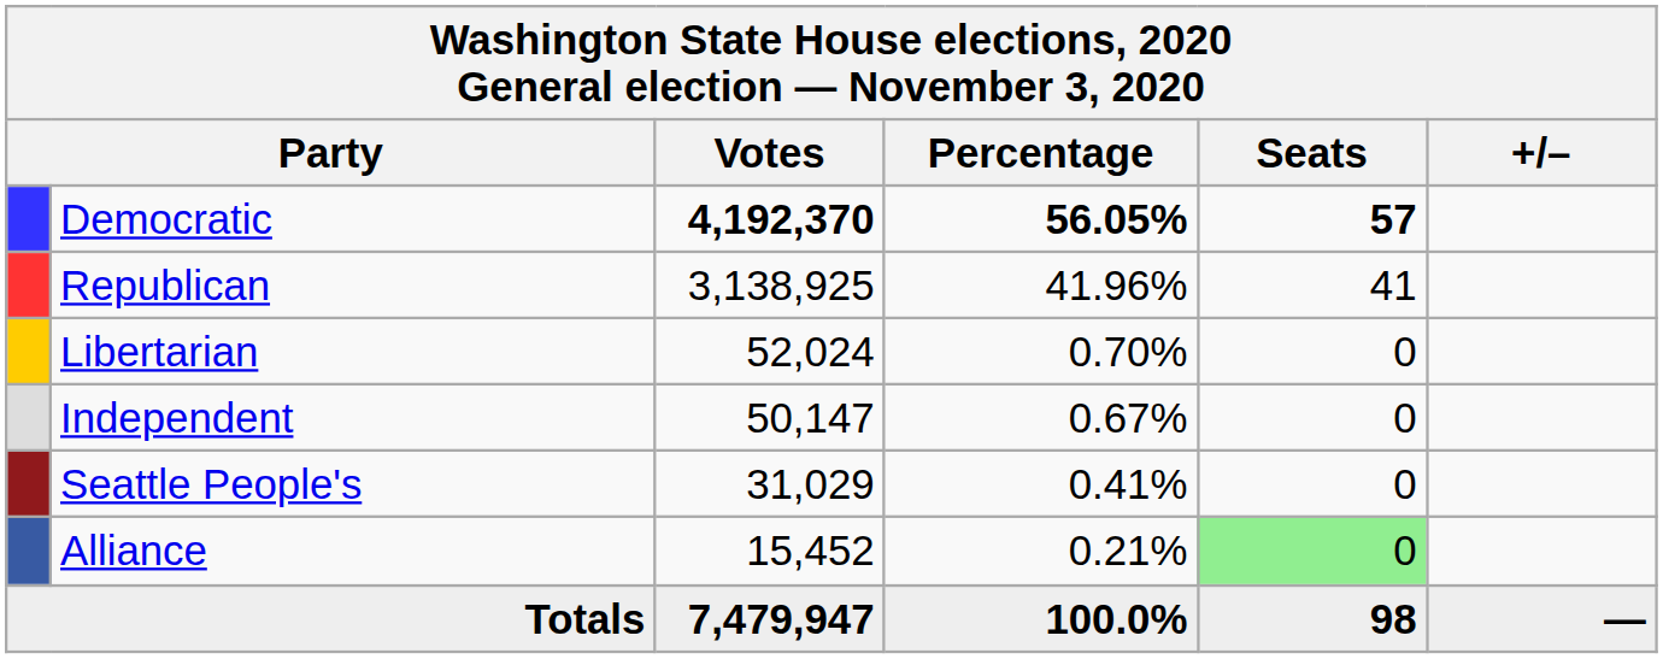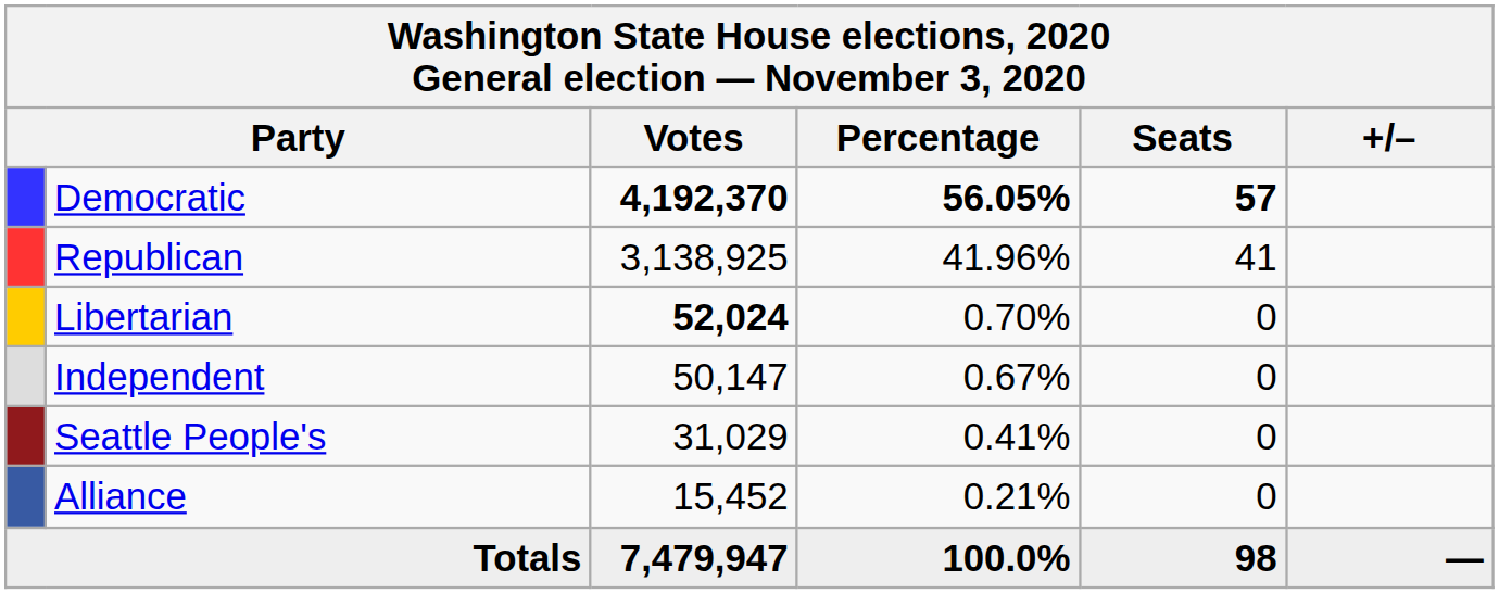 <table class="wikitable" style="font-size: 95%;">
 <tr>
 <th colspan="6">Washington State House elections, 2020<br>General election — November 3, 2020</th>
 </tr>
 <tr>
 <th colspan="2" style="width: 15em">Party</th>
 <th style="width: 5em">Votes</th>
 <th style="width: 7em">Percentage</th>
 <th style="width: 5em">Seats</th>
 <th style="width: 5em">+/–</th>
 </tr>
 <tr>
 <th style="background-color:#3333FF; width: 3px"></th>
 <td style="width: 130px"><a href='#'>Democratic</a></td>
 <td align="right"><strong>4,192,370</strong></td>
 <td align="right"><strong>56.05%</strong></td>
 <td align="right"><strong>57</strong></td>
 <td align="right"></td>
 </tr>
 <tr>
 <th style="background-color:#FF3333; width: 3px"></th>
 <td style="width: 130px"><a href='#'>Republican</a></td>
 <td align="right">3,138,925</td>
 <td align="right">41.96%</td>
 <td align="right">41</td>
 <td align="right"></td>
 </tr>
 <tr>
 <th style="background-color:#FC0; width: 3px"></th>
 <td style="width: 130px"><a href='#'>Libertarian</a></td>
-<td align="right">52,024</td>
+<td align="right"><strong>52,024</strong></td>
 <td align="right">0.70%</td>
 <td align="right">0</td>
 <td align="right"></td>
 </tr>
 <tr>
 <th style="background-color:#DDDDDD; width: 3px"></th>
 <td style="width: 130px"><a href='#'>Independent</a></td>
 <td align="right">50,147</td>
 <td align="right">0.67%</td>
 <td align="right">0</td>
 <td align="right"></td>
 </tr>
 <tr>
 <th style="background-color:#90191C; width 3px"></th>
 <td><a href='#'>Seattle People's</a></td>
 <td align="right">31,029</td>
 <td align="right">0.41%</td>
 <td align="right">0</td>
 <td align="right"></td>
 </tr>
 <tr>
 <th style="background-color:#385AA3; width: 3px"></th>
 <td><a href='#'>Alliance</a></td>
 <td align="right">15,452</td>
 <td align="right">0.21%</td>
-<td align="right" style="background: lightgreen;">0</td>
+<td align="right">0</td>
 <td align="right"></td>
 </tr>
 <tr bgcolor="#EEEEEE">
 <td colspan="2" align="right"><strong>Totals</strong></td>
 <td align="right"><strong>7,479,947</strong></td>
 <td align="right"><strong>100.0%</strong></td>
 <td align="right"><strong>98</strong></td>
 <td align="right"><strong>—</strong></td>
 </tr>
 </table>
